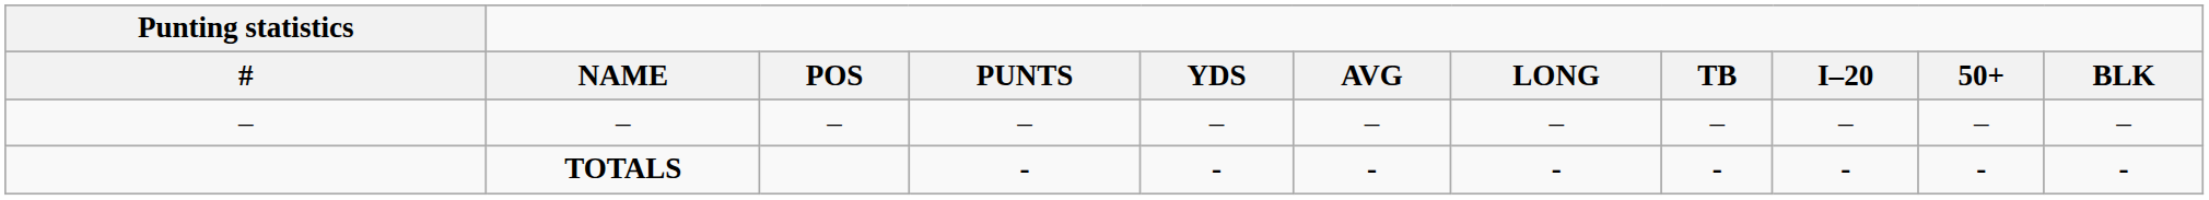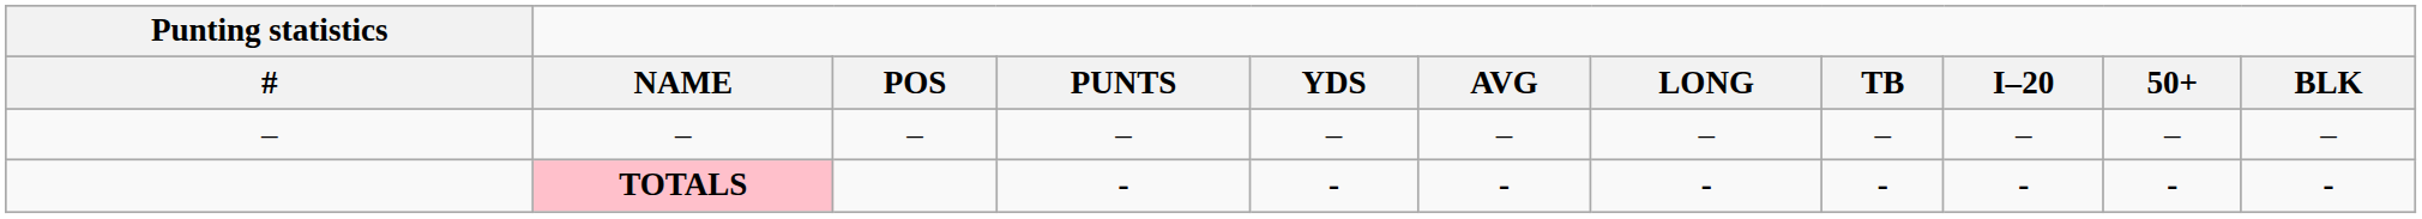 <table style="width:60%; text-align:center;" class="wikitable collapsible collapsed">
 <tr>
 <th style="text-align:center; ">Punting statistics</th>
 </tr>
 <tr>
 <th>#</th>
 <th>NAME</th>
 <th>POS</th>
 <th>PUNTS</th>
 <th>YDS</th>
 <th>AVG</th>
 <th>LONG</th>
 <th>TB</th>
 <th>I–20</th>
 <th>50+</th>
 <th>BLK</th>
 </tr>
 <tr>
 <td>–</td>
 <td>–</td>
 <td>–</td>
 <td>–</td>
 <td>–</td>
 <td>–</td>
 <td>–</td>
 <td>–</td>
 <td>–</td>
 <td>–</td>
 <td>–</td>
 </tr>
 <tr>
 <td></td>
-<td><strong>TOTALS</strong></td>
+<td style="background: pink;"><strong>TOTALS</strong></td>
 <td></td>
 <td><strong>-</strong></td>
 <td><strong>-</strong></td>
 <td><strong>-</strong></td>
 <td><strong>-</strong></td>
 <td><strong>-</strong></td>
 <td><strong>-</strong></td>
 <td><strong>-</strong></td>
 <td><strong>-</strong></td>
 </tr>
 </table>
